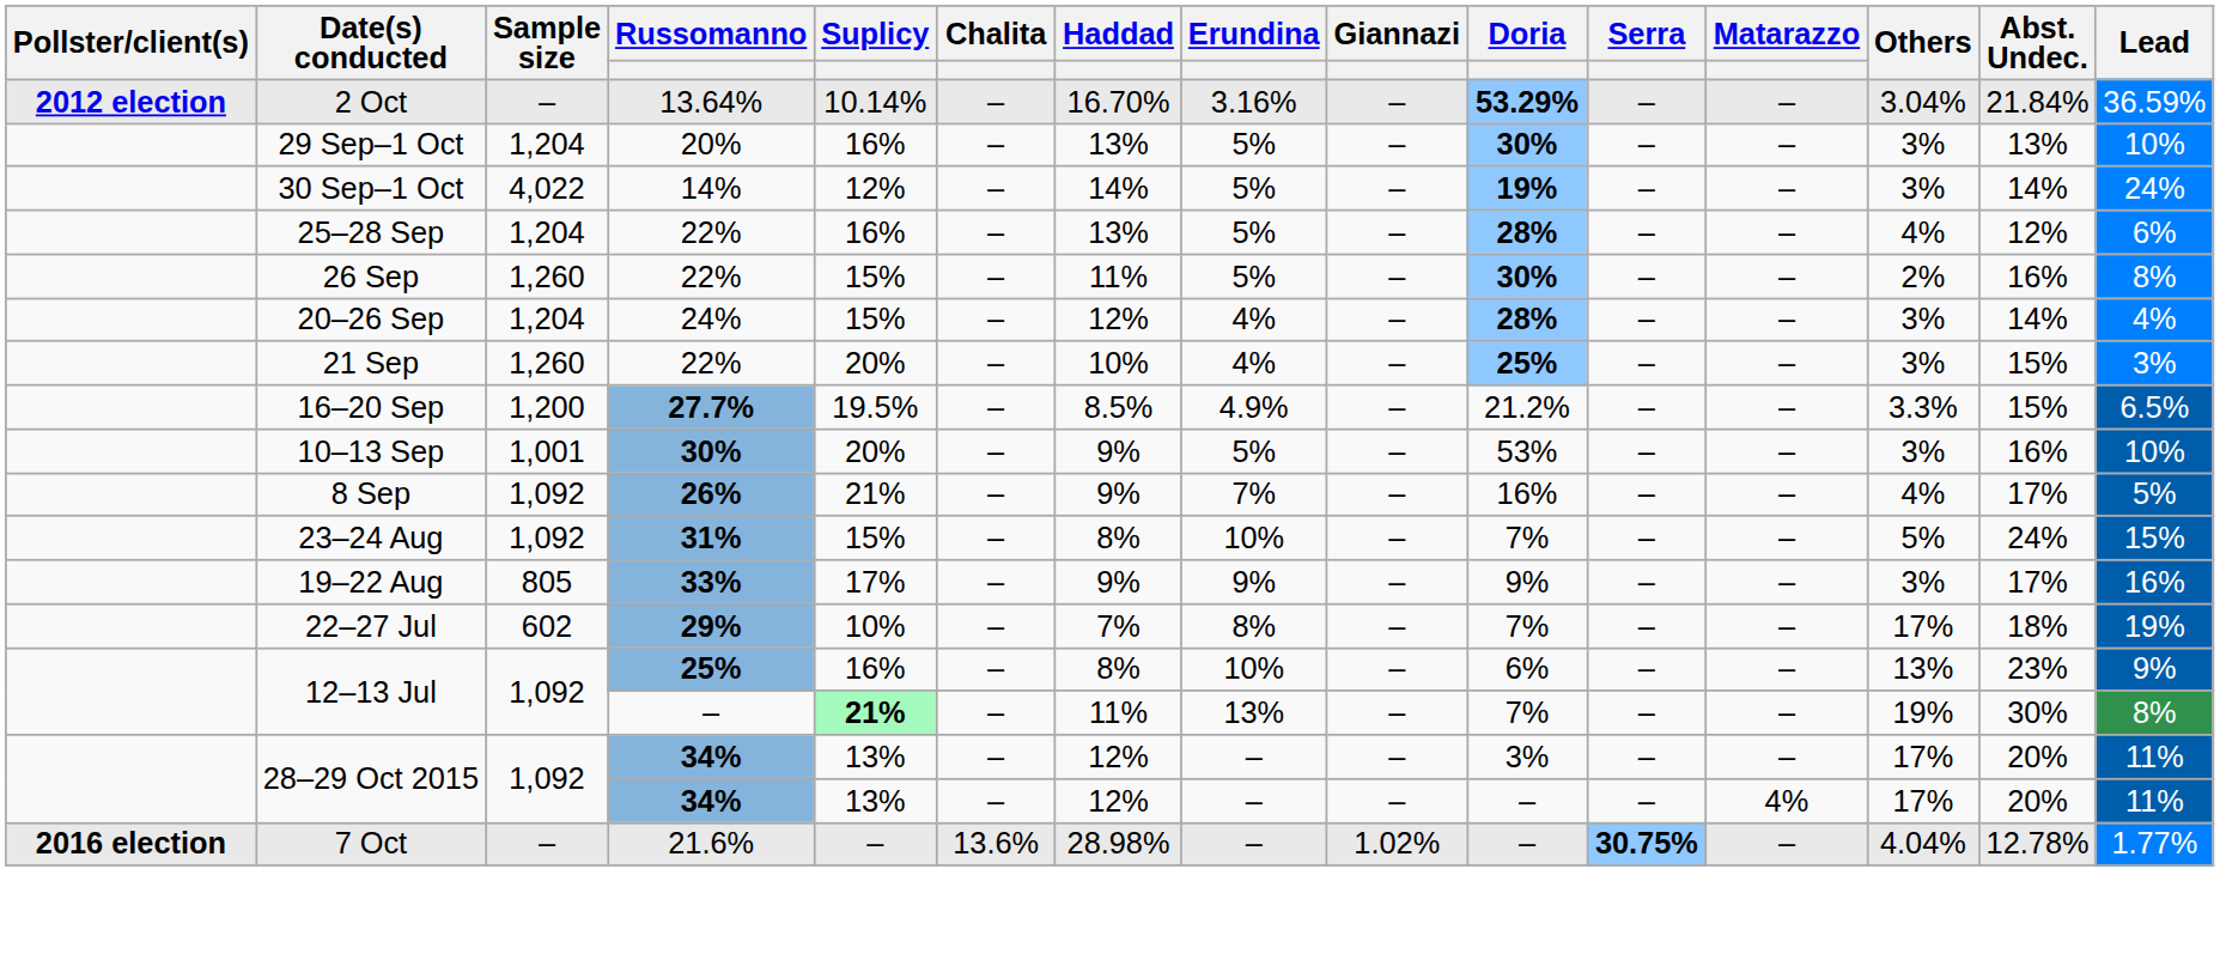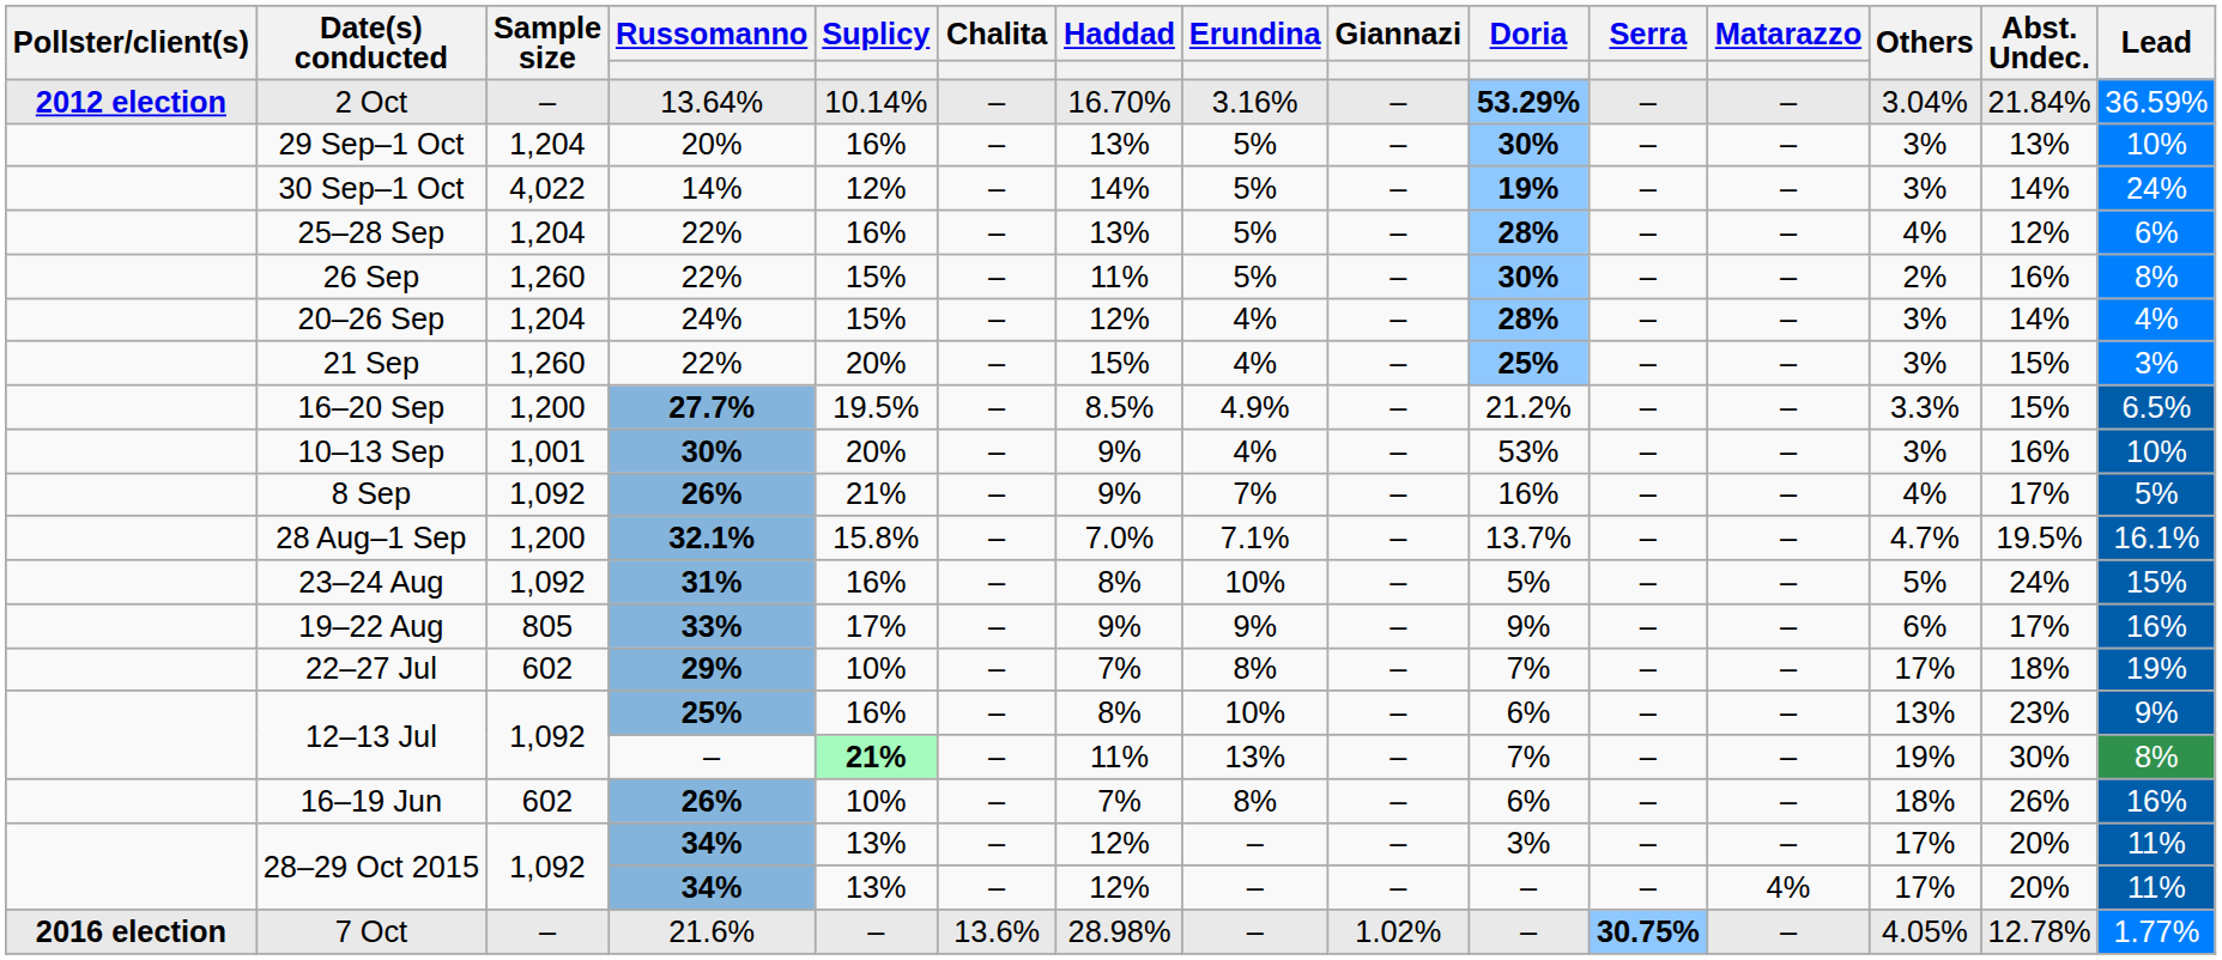 <table class="wikitable sortable" style="text-align:center;font-size:90%;line-height:14px;">
 <tr>
 <th rowspan="2">Pollster/client(s)</th>
 <th rowspan="2">Date(s)<br>conducted</th>
 <th rowspan="2" data-sort-type="number">Sample<br>size</th>
 <th class="unsortable" style="width:50px;"><a href='#'>Russomanno</a><br></th>
 <th class="unsortable" style="width:50px;"><a href='#'>Suplicy</a><br></th>
 <th class="unsortable" style="width:50px;">Chalita<br></th>
 <th class="unsortable" style="width:50px;"><a href='#'>Haddad</a><br></th>
 <th class="unsortable" style="width:50px;"><a href='#'>Erundina</a><br></th>
 <th class="unsortable" style="width:50px;">Giannazi<br></th>
 <th class="unsortable" style="width:50px;"><a href='#'>Doria</a><br></th>
 <th class="unsortable" style="width:50px;"><a href='#'>Serra</a><br></th>
 <th class="unsortable" style="width:50px;"><a href='#'>Matarazzo</a><br></th>
 <th rowspan="2" class="unsortable">Others</th>
 <th rowspan="2" class="unsortable">Abst.<br>Undec.</th>
 <th rowspan="2" data-sort-type="number">Lead</th>
 </tr>
 <tr>
 <th data-sort-type="number" class="sortable" style="background:"></th>
 <th data-sort-type="number" class="sortable" style="background:"></th>
 <th data-sort-type="number" class="sortable" style="background:"></th>
 <th data-sort-type="number" class="sortable" style="background:"></th>
 <th data-sort-type="number" class="sortable" style="background:"></th>
 <th data-sort-type="number" class="sortable" style="background:"></th>
 <th data-sort-type="number" class="sortable" style="background:"></th>
 <th data-sort-type="number" class="sortable" style="background:"></th>
 <th data-sort-type="number" class="sortable" style="background:"></th>
 </tr>
 <tr style="background:#E9E9E9;">
 <td><strong><a href='#'>2012 election</a></strong></td>
 <td>2 Oct</td>
 <td>–</td>
 <td>13.64%</td>
 <td>10.14%</td>
 <td>–</td>
 <td>16.70%</td>
 <td>3.16%</td>
 <td>–</td>
 <td style="background:#8FC7FF;"><strong>53.29%</strong></td>
 <td>–</td>
 <td>–</td>
 <td>3.04%</td>
 <td>21.84%</td>
 <td style="background:#0080FF;color:#FFFFFF;">36.59%</td>
 </tr>
 <tr>
 <td></td>
 <td>29 Sep–1 Oct</td>
 <td>1,204</td>
 <td>20%</td>
 <td>16%</td>
 <td>–</td>
 <td>13%</td>
 <td>5%</td>
 <td>–</td>
 <td style="background:#8FC7FF;"><strong>30%</strong></td>
 <td>–</td>
 <td>–</td>
 <td>3%</td>
 <td>13%</td>
 <td style="background:#0080FF;color:#FFFFFF;">10%</td>
 </tr>
 <tr>
 <td></td>
 <td>30 Sep–1 Oct</td>
 <td>4,022</td>
 <td>14%</td>
 <td>12%</td>
 <td>–</td>
 <td>14%</td>
 <td>5%</td>
 <td>–</td>
 <td style="background:#8FC7FF;"><strong>19%</strong></td>
 <td>–</td>
 <td>–</td>
 <td>3%</td>
 <td>14%</td>
 <td style="background:#0080FF;color:#FFFFFF;">24%</td>
 </tr>
 <tr>
 <td></td>
 <td>25–28 Sep</td>
 <td>1,204</td>
 <td>22%</td>
 <td>16%</td>
 <td>–</td>
 <td>13%</td>
 <td>5%</td>
 <td>–</td>
 <td style="background:#8FC7FF;"><strong>28%</strong></td>
 <td>–</td>
 <td>–</td>
 <td>4%</td>
 <td>12%</td>
 <td style="background:#0080FF;color:#FFFFFF;">6%</td>
 </tr>
 <tr>
 <td></td>
 <td>26 Sep</td>
 <td>1,260</td>
 <td>22%</td>
 <td>15%</td>
 <td>–</td>
 <td>11%</td>
 <td>5%</td>
 <td>–</td>
 <td style="background:#8FC7FF;"><strong>30%</strong></td>
 <td>–</td>
 <td>–</td>
 <td>2%</td>
 <td>16%</td>
 <td style="background:#0080FF;color:#FFFFFF;">8%</td>
 </tr>
 <tr>
 <td></td>
 <td>20–26 Sep</td>
 <td>1,204</td>
 <td>24%</td>
 <td>15%</td>
 <td>–</td>
 <td>12%</td>
 <td>4%</td>
 <td>–</td>
 <td style="background:#8FC7FF;"><strong>28%</strong></td>
 <td>–</td>
 <td>–</td>
 <td>3%</td>
 <td>14%</td>
 <td style="background:#0080FF;color:#FFFFFF;">4%</td>
 </tr>
 <tr>
 <td></td>
 <td>21 Sep</td>
 <td>1,260</td>
 <td>22%</td>
 <td>20%</td>
 <td>–</td>
-<td>10%</td>
+<td>15%</td>
 <td>4%</td>
 <td>–</td>
 <td style="background:#8FC7FF;"><strong>25%</strong></td>
 <td>–</td>
 <td>–</td>
 <td>3%</td>
 <td>15%</td>
 <td style="background:#0080FF;color:#FFFFFF;">3%</td>
 </tr>
 <tr>
 <td></td>
 <td>16–20 Sep</td>
 <td>1,200</td>
 <td style="background:#84B4DB;"><strong>27.7%</strong></td>
 <td>19.5%</td>
 <td>–</td>
 <td>8.5%</td>
 <td>4.9%</td>
 <td>–</td>
 <td>21.2%</td>
 <td>–</td>
 <td>–</td>
 <td>3.3%</td>
 <td>15%</td>
 <td style="background:#005DAA;color:#FFFFFF;">6.5%</td>
 </tr>
 <tr>
 <td></td>
 <td>10–13 Sep</td>
 <td>1,001</td>
 <td style="background:#84B4DB;"><strong>30%</strong></td>
 <td>20%</td>
 <td>–</td>
 <td>9%</td>
-<td>5%</td>
+<td>4%</td>
 <td>–</td>
 <td>53%</td>
 <td>–</td>
 <td>–</td>
 <td>3%</td>
 <td>16%</td>
 <td style="background:#005DAA;color:#FFFFFF;">10%</td>
 </tr>
 <tr>
 <td></td>
 <td>8 Sep</td>
 <td>1,092</td>
 <td style="background:#84B4DB;"><strong>26%</strong></td>
 <td>21%</td>
 <td>–</td>
 <td>9%</td>
 <td>7%</td>
 <td>–</td>
 <td>16%</td>
 <td>–</td>
 <td>–</td>
 <td>4%</td>
 <td>17%</td>
 <td style="background:#005DAA;color:#FFFFFF;">5%</td>
 </tr>
 <tr>
 <td></td>
+<td>28 Aug–1 Sep</td>
+<td>1,200</td>
+<td style="background:#84B4DB;"><strong>32.1%</strong></td>
+<td>15.8%</td>
+<td>–</td>
+<td>7.0%</td>
+<td>7.1%</td>
+<td>–</td>
+<td>13.7%</td>
+<td>–</td>
+<td>–</td>
+<td>4.7%</td>
+<td>19.5%</td>
+<td style="background:#005DAA;color:#FFFFFF;">16.1%</td>
+</tr>
+<tr>
+<td></td>
 <td>23–24 Aug</td>
 <td>1,092</td>
 <td style="background:#84B4DB;"><strong>31%</strong></td>
-<td>15%</td>
+<td>16%</td>
 <td>–</td>
 <td>8%</td>
 <td>10%</td>
 <td>–</td>
-<td>7%</td>
+<td>5%</td>
 <td>–</td>
 <td>–</td>
 <td>5%</td>
 <td>24%</td>
 <td style="background:#005DAA;color:#FFFFFF;">15%</td>
 </tr>
 <tr>
 <td></td>
 <td>19–22 Aug</td>
 <td>805</td>
 <td style="background:#84B4DB;"><strong>33%</strong></td>
 <td>17%</td>
 <td>–</td>
 <td>9%</td>
 <td>9%</td>
 <td>–</td>
 <td>9%</td>
 <td>–</td>
 <td>–</td>
-<td>3%</td>
+<td>6%</td>
 <td>17%</td>
 <td style="background:#005DAA;color:#FFFFFF;">16%</td>
 </tr>
 <tr>
 <td></td>
 <td>22–27 Jul</td>
 <td>602</td>
 <td style="background:#84B4DB;"><strong>29%</strong></td>
 <td>10%</td>
 <td>–</td>
 <td>7%</td>
 <td>8%</td>
 <td>–</td>
 <td>7%</td>
 <td>–</td>
 <td>–</td>
 <td>17%</td>
 <td>18%</td>
 <td style="background:#005DAA;color:#FFFFFF;">19%</td>
 </tr>
 <tr>
 <td rowspan=2></td>
 <td rowspan=2>12–13 Jul</td>
 <td rowspan=2>1,092</td>
 <td style="background:#84B4DB;"><strong>25%</strong></td>
 <td>16%</td>
 <td>–</td>
 <td>8%</td>
 <td>10%</td>
 <td>–</td>
 <td>6%</td>
 <td>–</td>
 <td>–</td>
 <td>13%</td>
 <td>23%</td>
 <td style="background:#005DAA;color:#FFFFFF;">9%</td>
 </tr>
 <tr>
 <td>–</td>
 <td style="background:#A5FABE;"><strong>21%</strong></td>
 <td>–</td>
 <td>11%</td>
 <td>13%</td>
 <td>–</td>
 <td>7%</td>
 <td>–</td>
 <td>–</td>
 <td>19%</td>
 <td>30%</td>
 <td style="background:#30914D;color:#FFFFFF;">8%</td>
 </tr>
 <tr>
+<td></td>
+<td>16–19 Jun</td>
+<td>602</td>
+<td style="background:#84B4DB;"><strong>26%</strong></td>
+<td>10%</td>
+<td>–</td>
+<td>7%</td>
+<td>8%</td>
+<td>–</td>
+<td>6%</td>
+<td>–</td>
+<td>–</td>
+<td>18%</td>
+<td>26%</td>
+<td style="background:#005DAA;color:#FFFFFF;">16%</td>
+</tr>
+<tr>
 <td rowspan=2></td>
 <td rowspan=2>28–29 Oct 2015</td>
 <td rowspan=2>1,092</td>
 <td style="background:#84B4DB;"><strong>34%</strong></td>
 <td>13%</td>
 <td>–</td>
 <td>12%</td>
 <td>–</td>
 <td>–</td>
 <td>3%</td>
 <td>–</td>
 <td>–</td>
 <td>17%</td>
 <td>20%</td>
 <td style="background:#005DAA;color:#FFFFFF;">11%</td>
 </tr>
 <tr>
 <td style="background:#84B4DB;"><strong>34%</strong></td>
 <td>13%</td>
 <td>–</td>
 <td>12%</td>
 <td>–</td>
 <td>–</td>
 <td>–</td>
 <td>–</td>
 <td>4%</td>
 <td>17%</td>
 <td>20%</td>
 <td style="background:#005DAA;color:#FFFFFF;">11%</td>
 </tr>
 <tr style="background:#E9E9E9;">
 <td><strong>2016 election</strong></td>
 <td>7 Oct</td>
 <td>–</td>
 <td>21.6%</td>
 <td>–</td>
 <td>13.6%</td>
 <td>28.98%</td>
 <td>–</td>
 <td>1.02%</td>
 <td>–</td>
 <td style="background:#8FC7FF;"><strong>30.75%</strong></td>
 <td>–</td>
-<td>4.04%</td>
+<td>4.05%</td>
 <td>12.78%</td>
 <td style="background:#0080FF;color:#FFFFFF;">1.77%</td>
 </tr>
 </table>
